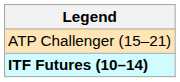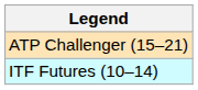 <table class=wikitable style=font-size:90%>
 <tr>
 <th>Legend</th>
 </tr>
 <tr bgcolor="moccasin">
 <td>ATP Challenger (15–21)</td>
 </tr>
 <tr bgcolor="CFFCFF">
-<td><strong>ITF Futures (10–14)</strong></td>
+<td>ITF Futures (10–14)</td>
 </tr>
 </table>
